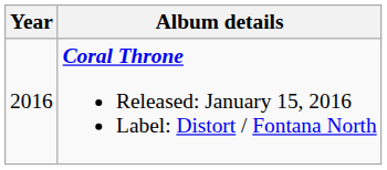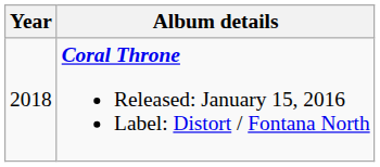 <table class="wikitable">
 <tr>
 <th>Year</th>
 <th>Album details</th>
 </tr>
 <tr>
-<td>2016</td>
+<td>2018</td>
 <td><strong><em><a href='#'>Coral Throne</a></em></strong><br><ul><li>Released: January 15, 2016</li><li>Label: <a href='#'>Distort</a> / <a href='#'>Fontana North</a></li></ul></td>
 </tr>
 </table>
